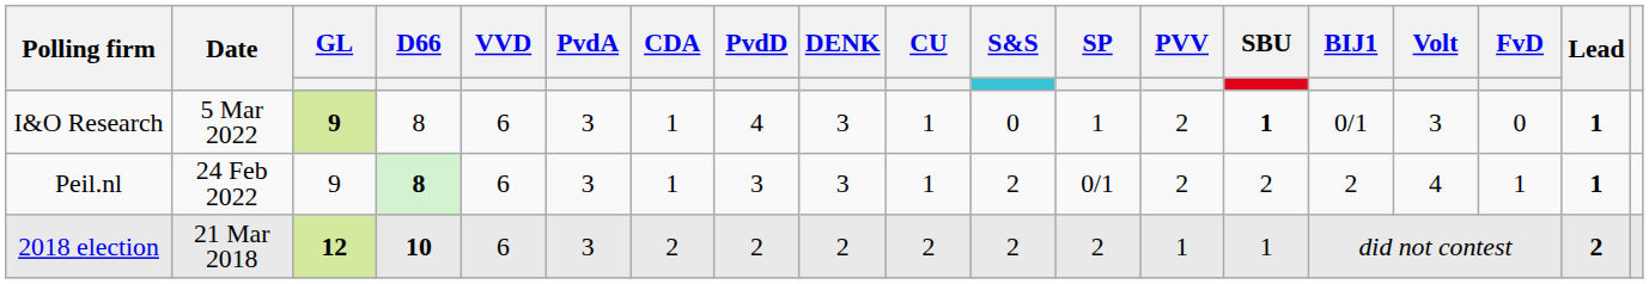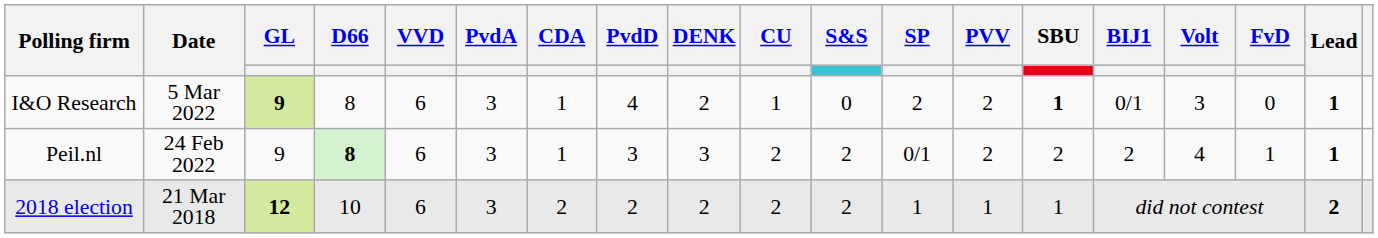 <table class="wikitable sortable" style="text-align:center;font-size:90%;line-height:14px;">
 <tr style="height:40px;">
 <th style="width:85px;" rowspan="2">Polling firm</th>
 <th style="width:60px;" rowspan="2">Date</th>
 <th class="unsortable" style="width:40px;"><a href='#'>GL</a></th>
 <th class="unsortable" style="width:40px;"><a href='#'>D66</a></th>
 <th class="unsortable" style="width:40px;"><a href='#'>VVD</a></th>
 <th class="unsortable" style="width:40px;"><a href='#'>PvdA</a></th>
 <th class="unsortable" style="width:40px;"><a href='#'>CDA</a></th>
 <th class="unsortable" style="width:40px;"><a href='#'>PvdD</a></th>
 <th class="unsortable" style="width:40px;"><a href='#'>DENK</a></th>
 <th class="unsortable" style="width:40px;"><a href='#'>CU</a></th>
 <th class="unsortable" style="width:40px;"><a href='#'>S&S</a></th>
 <th class="unsortable" style="width:40px;"><a href='#'>SP</a></th>
 <th class="unsortable" style="width:40px;"><a href='#'>PVV</a></th>
 <th class="unsortable" style="width:40px;">SBU </th>
 <th class="unsortable" style="width:40px;"><a href='#'>BIJ1</a></th>
 <th class="unsortable" style="width:40px;"><a href='#'>Volt</a></th>
 <th class="unsortable" style="width:40px;"><a href='#'>FvD</a></th>
 <th style="width:30px;" rowspan="2">Lead</th>
 <th rowspan="2" class="unsortable"></th>
 </tr>
 <tr>
 <th style="background:"></th>
 <th style="background:"></th>
 <th style="background:"></th>
 <th style="background:"></th>
 <th style="background:"></th>
 <th style="background:"></th>
 <th style="background:"></th>
 <th style="background:"></th>
 <th style="background:#36c3d6;"></th>
 <th style="background:"></th>
 <th style="background:"></th>
 <th style="background:#e2001a;"></th>
 <th style="background:"></th>
 <th style="background:"></th>
 <th style="background:"></th>
 </tr>
 <tr>
 <td>I&O Research</td>
 <td data-sort-value="2022-03-05">5 Mar 2022</td>
 <td style="background:#d3ea9e"><strong>9</strong></td>
 <td>8</td>
 <td>6</td>
 <td>3</td>
 <td>1</td>
 <td>4</td>
-<td>3</td>
+<td>2</td>
 <td>1</td>
 <td>0</td>
-<td>1</td>
+<td>2</td>
 <td>2</td>
 <td><strong>1</strong></td>
 <td>0/1</td>
 <td>3</td>
 <td>0</td>
 <td style="background:"><strong>1</strong></td>
 <td></td>
 </tr>
 <tr>
 <td>Peil.nl</td>
 <td data-sort-value="2022-02-24">24 Feb 2022</td>
 <td>9</td>
 <td style="background:#D3F2D0"><strong>8</strong></td>
 <td>6</td>
 <td>3</td>
 <td>1</td>
 <td>3</td>
 <td>3</td>
-<td>1</td>
+<td>2</td>
 <td>2</td>
 <td>0/1</td>
 <td>2</td>
 <td>2</td>
 <td>2</td>
 <td>4</td>
 <td>1</td>
 <td style="background:"><strong>1</strong></td>
 <td></td>
 </tr>
 <tr style="background-color:#E9E9E9">
 <td><a href='#'>2018 election</a></td>
 <td data-sort-value="2018-03-21">21 Mar 2018</td>
 <td style="background:#d3ea9e"><strong>12</strong></td>
-<td><strong>10</strong></td>
+<td>10</td>
 <td>6</td>
 <td>3</td>
 <td>2</td>
 <td>2</td>
 <td>2</td>
 <td>2</td>
 <td>2</td>
-<td>2</td>
+<td>1</td>
 <td>1</td>
 <td>1</td>
 <td colspan=3><em>did not contest</em></td>
 <td style="background:"><strong>2</strong></td>
 <td></td>
 </tr>
 </table>
